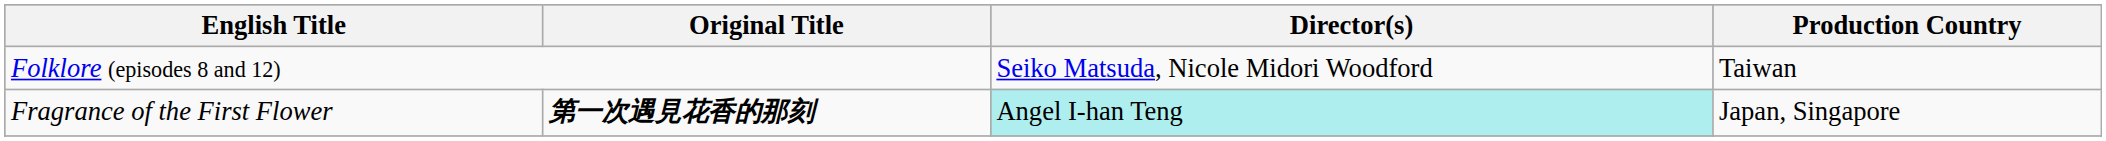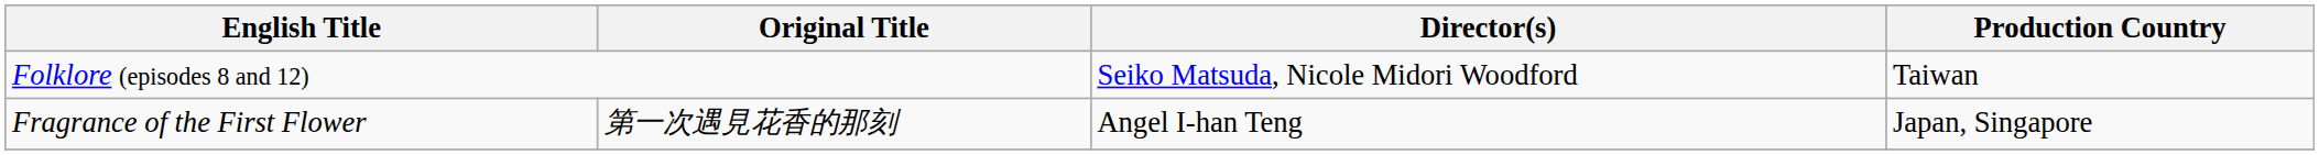 <table class="sortable wikitable" style="width:100%; margin-bottom:4px">
 <tr>
 <th>English Title</th>
 <th>Original Title</th>
 <th>Director(s)</th>
 <th>Production Country</th>
 </tr>
 <tr>
 <td colspan="2"><em><a href='#'>Folklore</a></em> <small>(episodes 8 and 12)</small></td>
 <td><a href='#'>Seiko Matsuda</a>, Nicole Midori Woodford</td>
 <td>Taiwan</td>
 </tr>
 <tr>
 <td><em>Fragrance of the First Flower</em></td>
-<td><strong><em>第一次遇見花香的那刻</em></strong></td>
-<td style="background: paleturquoise;">Angel I-han Teng</td>
+<td><em>第一次遇見花香的那刻</em></td>
+<td>Angel I-han Teng</td>
 <td>Japan, Singapore</td>
 </tr>
 </table>
